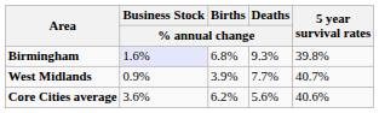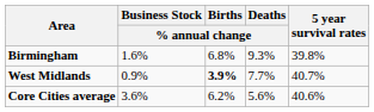 <table class="wikitable">
 <tr>
 <th rowspan=2>Area</th>
 <th>Business Stock</th>
 <th>Births</th>
 <th>Deaths</th>
 <th rowspan=2>5 year<br>survival rates</th>
 </tr>
 <tr>
 <th colspan=3>% annual change</th>
 </tr>
 <tr>
 <td><strong>Birmingham</strong></td>
-<td style="background: lavender;">1.6%</td>
+<td>1.6%</td>
 <td>6.8%</td>
 <td>9.3%</td>
 <td>39.8%</td>
 </tr>
 <tr>
 <td><strong>West Midlands </strong></td>
 <td>0.9%</td>
-<td>3.9%</td>
+<td><strong>3.9%</strong></td>
 <td>7.7%</td>
 <td>40.7%</td>
 </tr>
 <tr>
 <td><strong>Core Cities average </strong></td>
 <td>3.6%</td>
 <td>6.2%</td>
 <td>5.6%</td>
 <td>40.6%</td>
 </tr>
 </table>
